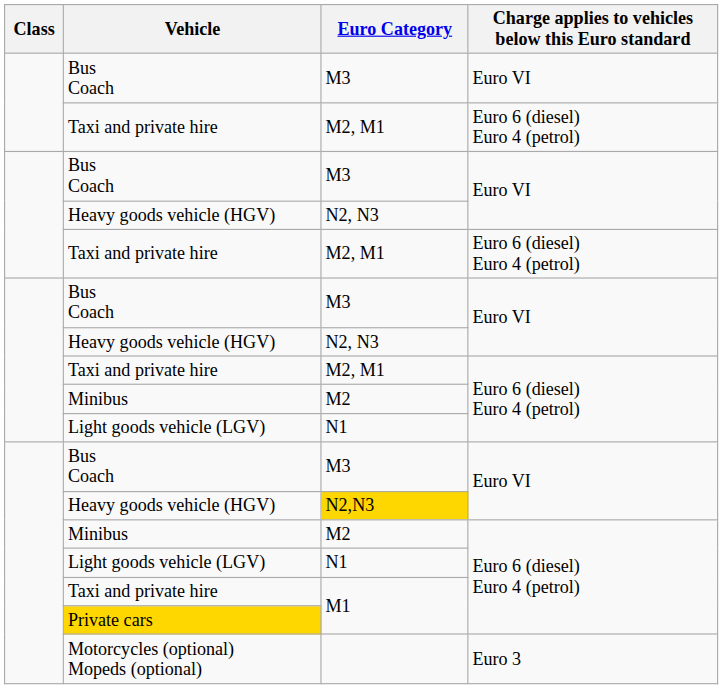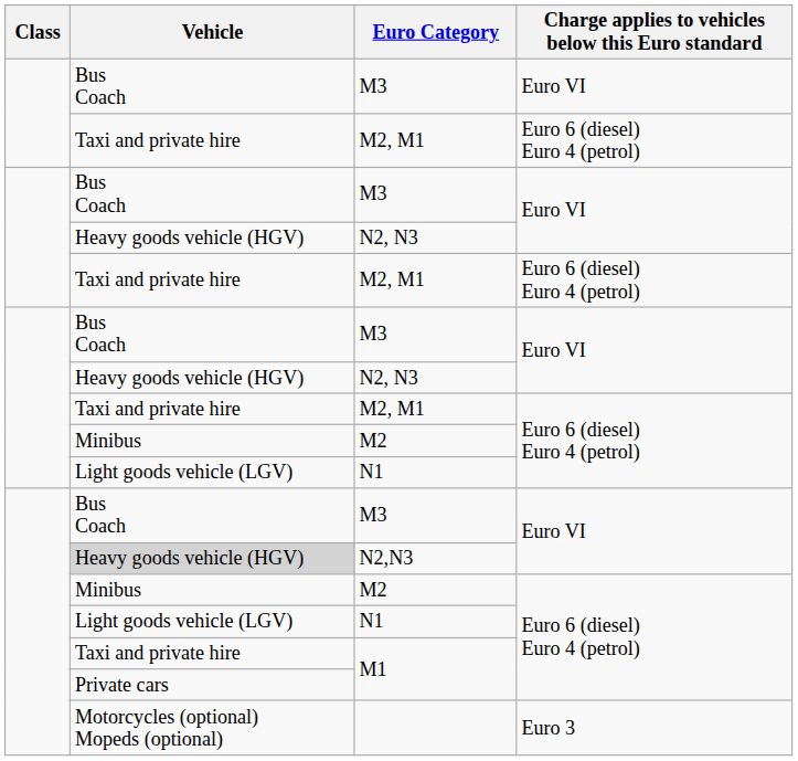 <table class="wikitable" width="50%">
 <tr>
 <th>Class</th>
 <th>Vehicle</th>
 <th><a href='#'>Euro Category</a></th>
 <th>Charge applies to vehicles<br>below this Euro standard</th>
 </tr>
 <tr>
 <td rowspan="2" style="text-align:center"></td>
 <td> Bus<br> Coach</td>
 <td>M3</td>
 <td>Euro VI</td>
 </tr>
 <tr>
 <td> Taxi and private hire</td>
 <td>M2, M1</td>
 <td>Euro 6 (diesel)<br>Euro 4 (petrol)</td>
 </tr>
 <tr>
 <td rowspan="3" style="text-align:center"></td>
 <td> Bus<br> Coach</td>
 <td>M3</td>
 <td rowspan="2">Euro VI</td>
 </tr>
 <tr>
 <td> Heavy goods vehicle (HGV) </td>
 <td>N2, N3</td>
 </tr>
 <tr>
 <td> Taxi and private hire</td>
 <td>M2, M1</td>
 <td>Euro 6 (diesel)<br>Euro 4 (petrol)</td>
 </tr>
 <tr>
 <td rowspan="5" style="text-align:center"></td>
 <td> Bus<br> Coach</td>
 <td>M3</td>
 <td rowspan="2">Euro VI</td>
 </tr>
 <tr>
 <td> Heavy goods vehicle (HGV)</td>
 <td>N2, N3</td>
 </tr>
 <tr>
 <td> Taxi and private hire</td>
 <td>M2, M1</td>
 <td rowspan="3">Euro 6 (diesel)<br>Euro 4 (petrol)</td>
 </tr>
 <tr>
 <td> Minibus</td>
 <td>M2</td>
 </tr>
 <tr>
 <td> Light goods vehicle (LGV)</td>
 <td>N1</td>
 </tr>
 <tr>
 <td rowspan="7" style="text-align:center"></td>
 <td> Bus<br> Coach</td>
 <td>M3</td>
 <td rowspan="2">Euro VI</td>
 </tr>
 <tr>
-<td> Heavy goods vehicle (HGV)</td>
-<td style="background: gold;">N2,N3</td>
+<td style="background: lightgrey;"> Heavy goods vehicle (HGV)</td>
+<td>N2,N3</td>
 </tr>
 <tr>
 <td> Minibus</td>
 <td>M2</td>
 <td rowspan="4">Euro 6 (diesel)<br>Euro 4 (petrol)</td>
 </tr>
 <tr>
 <td> Light goods vehicle (LGV)</td>
 <td>N1</td>
 </tr>
 <tr>
 <td> Taxi and private hire</td>
 <td rowspan="2">M1</td>
 </tr>
 <tr>
-<td style="background: gold;"> Private cars</td>
+<td> Private cars</td>
 </tr>
 <tr>
 <td>Motorcycles (optional)<br> Mopeds (optional)</td>
 <td></td>
 <td>Euro 3</td>
 </tr>
 </table>
